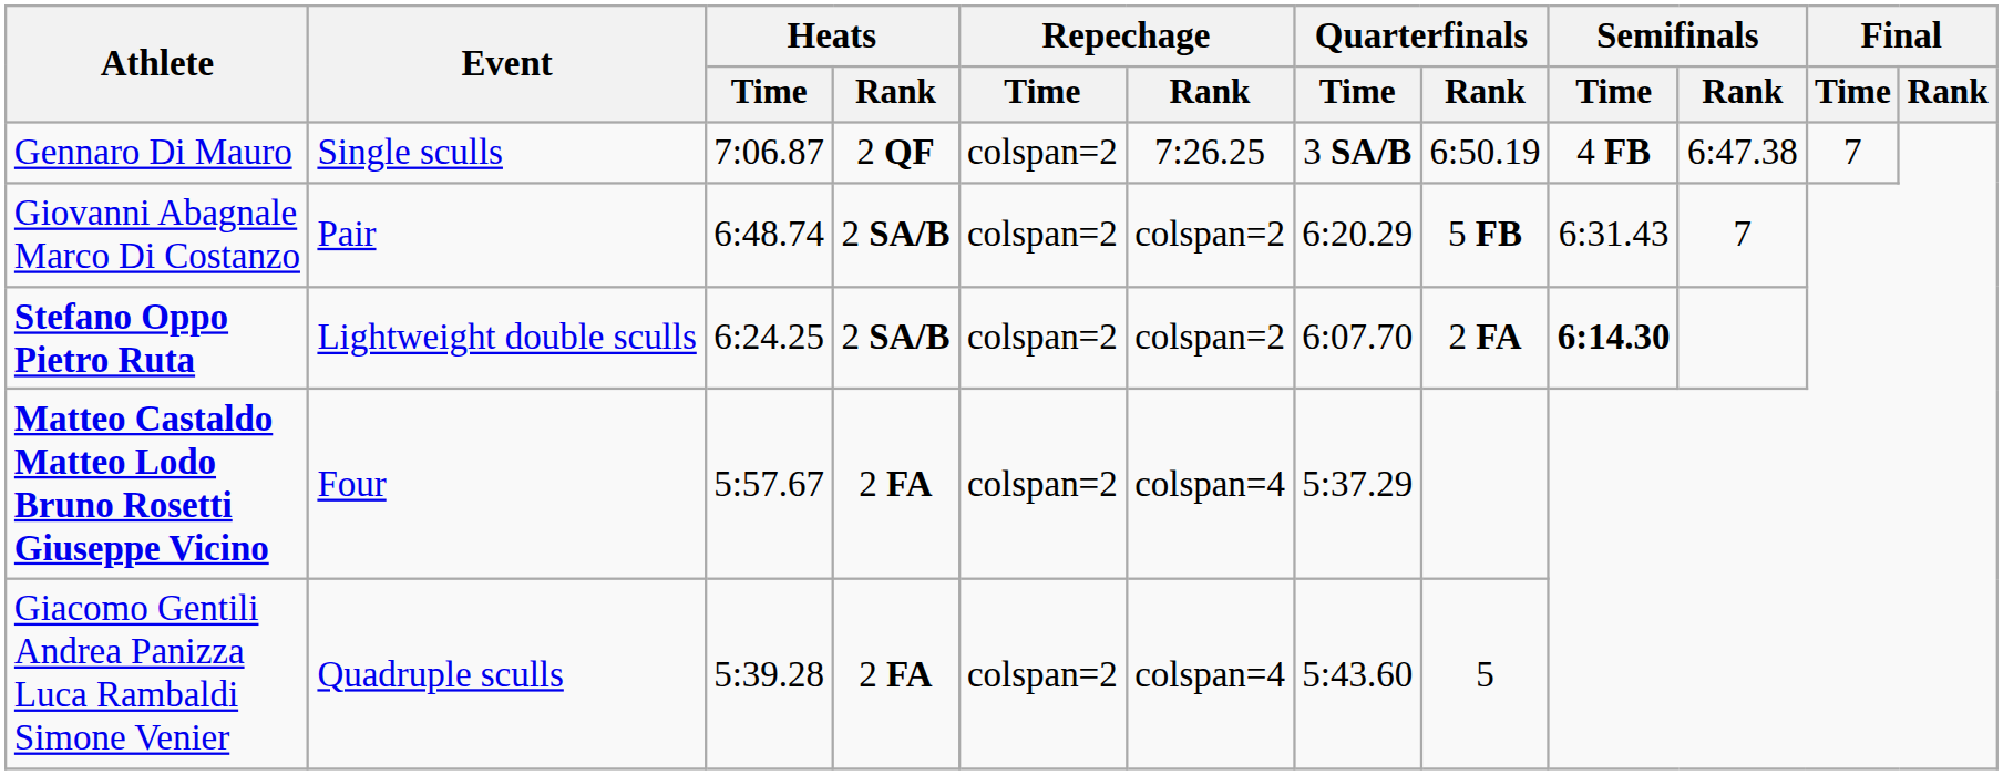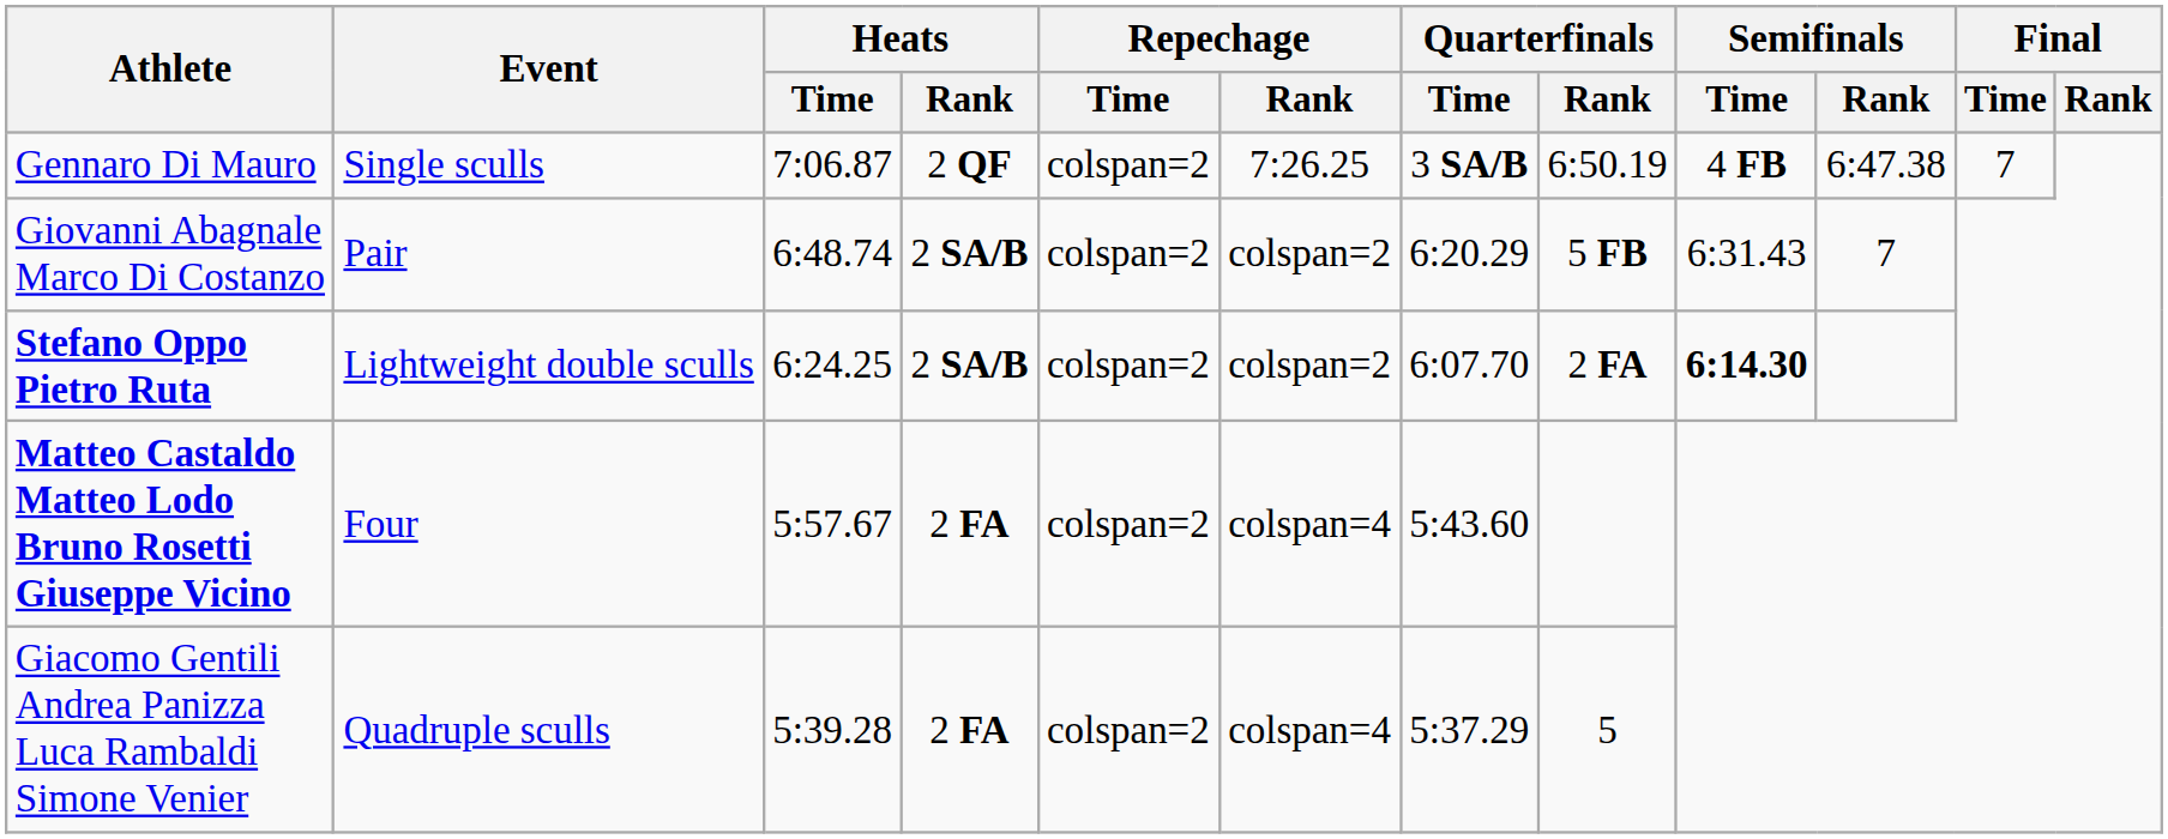 <table class="wikitable" style="font-size:90%">
 <tr>
 <th rowspan="2">Athlete</th>
 <th rowspan="2">Event</th>
 <th colspan="2">Heats</th>
 <th colspan="2">Repechage</th>
 <th colspan="2">Quarterfinals</th>
 <th colspan="2">Semifinals</th>
 <th colspan="2">Final</th>
 </tr>
 <tr style="font-size:95%">
 <th>Time</th>
 <th>Rank</th>
 <th>Time</th>
 <th>Rank</th>
 <th>Time</th>
 <th>Rank</th>
 <th>Time</th>
 <th>Rank</th>
 <th>Time</th>
 <th>Rank</th>
 </tr>
 <tr align=center>
 <td align=left><a href='#'>Gennaro Di Mauro</a></td>
 <td align=left><a href='#'>Single sculls</a></td>
 <td>7:06.87</td>
 <td>2 <strong>QF</strong></td>
 <td>colspan=2 </td>
 <td>7:26.25</td>
 <td>3 <strong>SA/B</strong></td>
 <td>6:50.19</td>
 <td>4 <strong>FB</strong></td>
 <td>6:47.38</td>
 <td>7</td>
 </tr>
 <tr align=center>
 <td align=left><a href='#'>Giovanni Abagnale</a><br><a href='#'>Marco Di Costanzo</a></td>
 <td align=left><a href='#'>Pair</a></td>
 <td>6:48.74</td>
 <td>2 <strong>SA/B</strong></td>
 <td>colspan=2 </td>
 <td>colspan=2 </td>
 <td>6:20.29</td>
 <td>5 <strong>FB</strong></td>
 <td>6:31.43</td>
 <td>7</td>
 </tr>
 <tr align=center>
 <td align=left><strong><a href='#'>Stefano Oppo</a><br><a href='#'>Pietro Ruta</a></strong></td>
 <td align=left><a href='#'>Lightweight double sculls</a></td>
 <td>6:24.25</td>
 <td>2 <strong>SA/B</strong></td>
 <td>colspan=2 </td>
 <td>colspan=2 </td>
 <td>6:07.70</td>
 <td>2 <strong>FA</strong></td>
 <td><strong>6:14.30</strong></td>
 <td></td>
 </tr>
 <tr align=center>
 <td align=left><strong><a href='#'>Matteo Castaldo</a><br><a href='#'>Matteo Lodo</a><br><a href='#'>Bruno Rosetti</a><br><a href='#'>Giuseppe Vicino</a></strong></td>
 <td align=left><a href='#'>Four</a></td>
 <td>5:57.67</td>
 <td>2 <strong>FA</strong></td>
 <td>colspan=2 </td>
 <td>colspan=4 </td>
-<td>5:37.29</td>
+<td>5:43.60</td>
 <td></td>
 </tr>
 <tr align=center>
 <td align=left><a href='#'>Giacomo Gentili</a><br><a href='#'>Andrea Panizza</a><br><a href='#'>Luca Rambaldi</a><br><a href='#'>Simone Venier</a></td>
 <td align=left><a href='#'>Quadruple sculls</a></td>
 <td>5:39.28</td>
 <td>2 <strong>FA</strong></td>
 <td>colspan=2 </td>
 <td>colspan=4 </td>
-<td>5:43.60</td>
+<td>5:37.29</td>
 <td>5</td>
 </tr>
 </table>
